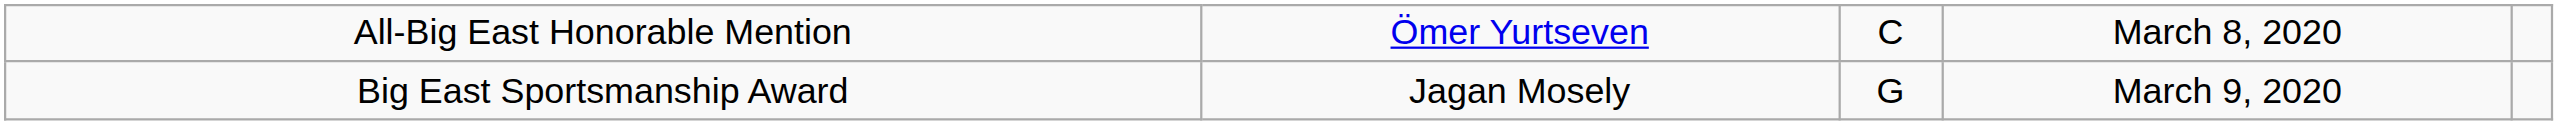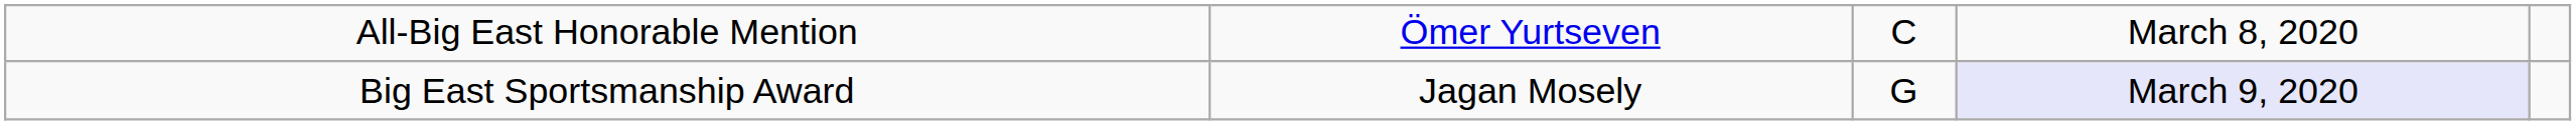 <table class="wikitable" style="width: 90%;text-align: center;">
 <tr align="center">
 <td rowspan="1">All-Big East Honorable Mention</td>
 <td><a href='#'>Ömer Yurtseven</a></td>
 <td>C</td>
 <td>March 8, 2020</td>
 <td></td>
 </tr>
 <tr align="center">
 <td rowspan="1">Big East Sportsmanship Award</td>
 <td>Jagan Mosely</td>
 <td>G</td>
-<td>March 9, 2020</td>
+<td style="background: lavender;">March 9, 2020</td>
 <td></td>
 </tr>
 </table>
